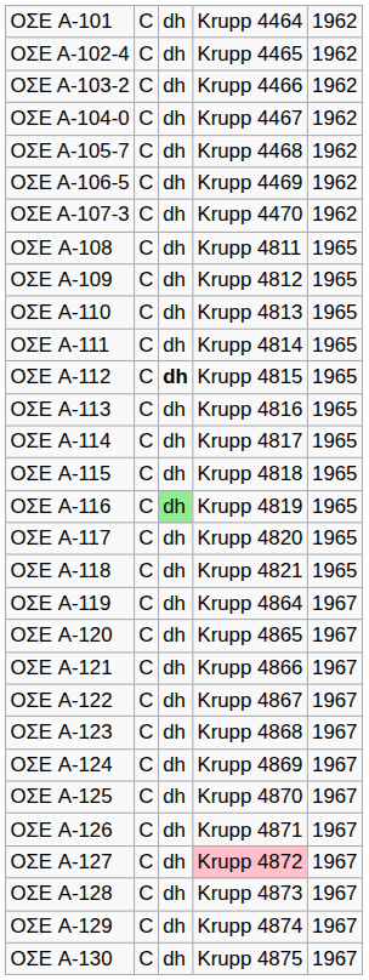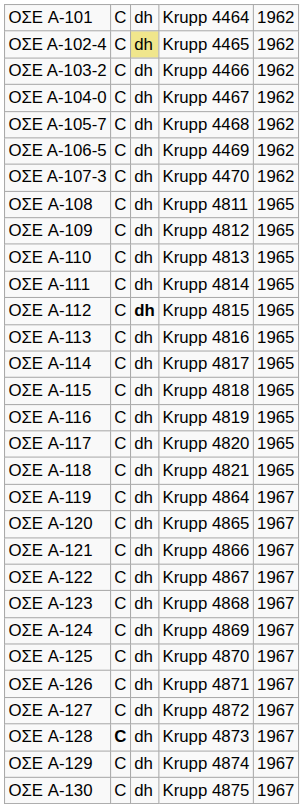 <table class="wikitable sortable mw-collapsible mw-collapsed">
 <tr>
 <td>ΟΣΕ A-101</td>
 <td>C</td>
 <td>dh</td>
 <td>Krupp 4464</td>
 <td>1962</td>
 </tr>
 <tr>
 <td>ΟΣΕ Α-102-4</td>
 <td>C</td>
-<td>dh</td>
+<td style="background: khaki;">dh</td>
 <td>Krupp 4465</td>
 <td>1962</td>
 </tr>
 <tr>
 <td>ΟΣΕ Α-103-2</td>
 <td>C</td>
 <td>dh</td>
 <td>Krupp 4466</td>
 <td>1962</td>
 </tr>
 <tr>
 <td>ΟΣΕ Α-104-0</td>
 <td>C</td>
 <td>dh</td>
 <td>Krupp 4467</td>
 <td>1962</td>
 </tr>
 <tr>
 <td>ΟΣΕ Α-105-7</td>
 <td>C</td>
 <td>dh</td>
 <td>Krupp 4468</td>
 <td>1962</td>
 </tr>
 <tr>
 <td>ΟΣΕ Α-106-5</td>
 <td>C</td>
 <td>dh</td>
 <td>Krupp 4469</td>
 <td>1962</td>
 </tr>
 <tr>
 <td>ΟΣΕ Α-107-3</td>
 <td>C</td>
 <td>dh</td>
 <td>Krupp 4470</td>
 <td>1962</td>
 </tr>
 <tr>
 <td>ΟΣΕ A-108</td>
 <td>C</td>
 <td>dh</td>
 <td>Krupp 4811</td>
 <td>1965</td>
 </tr>
 <tr>
 <td>ΟΣΕ A-109</td>
 <td>C</td>
 <td>dh</td>
 <td>Krupp 4812</td>
 <td>1965</td>
 </tr>
 <tr>
 <td>ΟΣΕ A-110</td>
 <td>C</td>
 <td>dh</td>
 <td>Krupp 4813</td>
 <td>1965</td>
 </tr>
 <tr>
 <td>ΟΣΕ A-111</td>
 <td>C</td>
 <td>dh</td>
 <td>Krupp 4814</td>
 <td>1965</td>
 </tr>
 <tr>
 <td>ΟΣΕ A-112</td>
 <td>C</td>
 <td><strong>dh</strong></td>
 <td>Krupp 4815</td>
 <td>1965</td>
 </tr>
 <tr>
 <td>ΟΣΕ A-113</td>
 <td>C</td>
 <td>dh</td>
 <td>Krupp 4816</td>
 <td>1965</td>
 </tr>
 <tr>
 <td>ΟΣΕ A-114</td>
 <td>C</td>
 <td>dh</td>
 <td>Krupp 4817</td>
 <td>1965</td>
 </tr>
 <tr>
 <td>ΟΣΕ A-115</td>
 <td>C</td>
 <td>dh</td>
 <td>Krupp 4818</td>
 <td>1965</td>
 </tr>
 <tr>
 <td>ΟΣΕ A-116</td>
 <td>C</td>
-<td style="background: lightgreen;">dh</td>
+<td>dh</td>
 <td>Krupp 4819</td>
 <td>1965</td>
 </tr>
 <tr>
 <td>ΟΣΕ A-117</td>
 <td>C</td>
 <td>dh</td>
 <td>Krupp 4820</td>
 <td>1965</td>
 </tr>
 <tr>
 <td>ΟΣΕ A-118</td>
 <td>C</td>
 <td>dh</td>
 <td>Krupp 4821</td>
 <td>1965</td>
 </tr>
 <tr>
 <td>ΟΣΕ A-119</td>
 <td>C</td>
 <td>dh</td>
 <td>Krupp 4864</td>
 <td>1967</td>
 </tr>
 <tr>
 <td>ΟΣΕ A-120</td>
 <td>C</td>
 <td>dh</td>
 <td>Krupp 4865</td>
 <td>1967</td>
 </tr>
 <tr>
 <td>ΟΣΕ A-121</td>
 <td>C</td>
 <td>dh</td>
 <td>Krupp 4866</td>
 <td>1967</td>
 </tr>
 <tr>
 <td>ΟΣΕ A-122</td>
 <td>C</td>
 <td>dh</td>
 <td>Krupp 4867</td>
 <td>1967</td>
 </tr>
 <tr>
 <td>ΟΣΕ A-123</td>
 <td>C</td>
 <td>dh</td>
 <td>Krupp 4868</td>
 <td>1967</td>
 </tr>
 <tr>
 <td>ΟΣΕ A-124</td>
 <td>C</td>
 <td>dh</td>
 <td>Krupp 4869</td>
 <td>1967</td>
 </tr>
 <tr>
 <td>ΟΣΕ A-125</td>
 <td>C</td>
 <td>dh</td>
 <td>Krupp 4870</td>
 <td>1967</td>
 </tr>
 <tr>
 <td>ΟΣΕ A-126</td>
 <td>C</td>
 <td>dh</td>
 <td>Krupp 4871</td>
 <td>1967</td>
 </tr>
 <tr>
 <td>ΟΣΕ A-127</td>
 <td>C</td>
 <td>dh</td>
-<td style="background: pink;">Krupp 4872</td>
+<td>Krupp 4872</td>
 <td>1967</td>
 </tr>
 <tr>
 <td>ΟΣΕ A-128</td>
-<td>C</td>
+<td><strong>C</strong></td>
 <td>dh</td>
 <td>Krupp 4873</td>
 <td>1967</td>
 </tr>
 <tr>
 <td>ΟΣΕ A-129</td>
 <td>C</td>
 <td>dh</td>
 <td>Krupp 4874</td>
 <td>1967</td>
 </tr>
 <tr>
 <td>ΟΣΕ A-130</td>
 <td>C</td>
 <td>dh</td>
 <td>Krupp 4875</td>
 <td>1967</td>
 </tr>
 </table>
